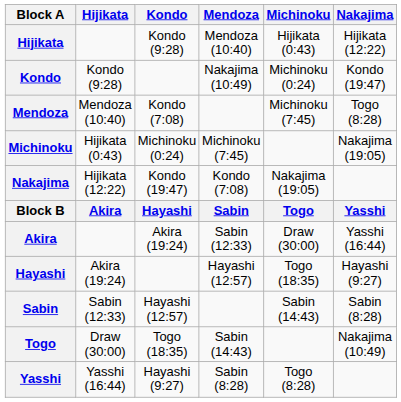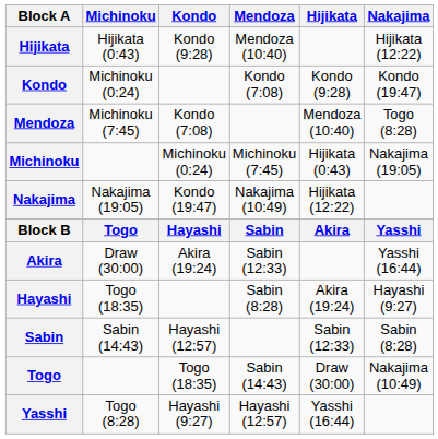 <table class="wikitable" style="margin: 1em auto 1em auto;text-align:center">
 <tr>
 <th>Block A</th>
-<th><a href='#'>Hijikata</a></th>
+<th><a href='#'>Michinoku</a></th>
 <th><a href='#'>Kondo</a></th>
 <th><a href='#'>Mendoza</a></th>
-<th><a href='#'>Michinoku</a></th>
+<th><a href='#'>Hijikata</a></th>
 <th><a href='#'>Nakajima</a></th>
 </tr>
 <tr>
 <th><a href='#'>Hijikata</a></th>
-<td></td>
+<td>Hijikata<br>(0:43)</td>
 <td>Kondo<br>(9:28)</td>
 <td>Mendoza<br>(10:40)</td>
-<td>Hijikata<br>(0:43)</td>
+<td></td>
 <td>Hijikata<br>(12:22)</td>
 </tr>
 <tr>
 <th><a href='#'>Kondo</a></th>
+<td>Michinoku<br>(0:24)</td>
+<td></td>
+<td>Kondo<br>(7:08)</td>
 <td>Kondo<br>(9:28)</td>
-<td></td>
-<td>Nakajima<br>(10:49)</td>
-<td>Michinoku<br>(0:24)</td>
 <td>Kondo<br>(19:47)</td>
 </tr>
 <tr>
 <th><a href='#'>Mendoza</a></th>
-<td>Mendoza<br>(10:40)</td>
+<td>Michinoku<br>(7:45)</td>
 <td>Kondo<br>(7:08)</td>
 <td></td>
-<td>Michinoku<br>(7:45)</td>
+<td>Mendoza<br>(10:40)</td>
 <td>Togo<br>(8:28)</td>
 </tr>
 <tr>
 <th><a href='#'>Michinoku</a></th>
-<td>Hijikata<br>(0:43)</td>
+<td></td>
 <td>Michinoku<br>(0:24)</td>
 <td>Michinoku<br>(7:45)</td>
-<td></td>
+<td>Hijikata<br>(0:43)</td>
 <td>Nakajima<br>(19:05)</td>
 </tr>
 <tr>
 <th><a href='#'>Nakajima</a></th>
+<td>Nakajima<br>(19:05)</td>
+<td>Kondo<br>(19:47)</td>
+<td>Nakajima<br>(10:49)</td>
 <td>Hijikata<br>(12:22)</td>
-<td>Kondo<br>(19:47)</td>
-<td>Kondo<br>(7:08)</td>
-<td>Nakajima<br>(19:05)</td>
 <td></td>
 </tr>
 <tr>
 <th>Block B</th>
-<th><a href='#'>Akira</a></th>
+<th><a href='#'>Togo</a></th>
 <th><a href='#'>Hayashi</a></th>
 <th><a href='#'>Sabin</a></th>
-<th><a href='#'>Togo</a></th>
+<th><a href='#'>Akira</a></th>
 <th><a href='#'>Yasshi</a></th>
 </tr>
 <tr>
 <th><a href='#'>Akira</a></th>
-<td></td>
+<td>Draw<br>(30:00)</td>
 <td>Akira<br>(19:24)</td>
 <td>Sabin<br>(12:33)</td>
-<td>Draw<br>(30:00)</td>
+<td></td>
 <td>Yasshi<br>(16:44)</td>
 </tr>
 <tr>
 <th><a href='#'>Hayashi</a></th>
+<td>Togo<br>(18:35)</td>
+<td></td>
+<td>Sabin<br>(8:28)</td>
 <td>Akira<br>(19:24)</td>
-<td></td>
-<td>Hayashi<br>(12:57)</td>
-<td>Togo<br>(18:35)</td>
 <td>Hayashi<br>(9:27)</td>
 </tr>
 <tr>
 <th><a href='#'>Sabin</a></th>
-<td>Sabin<br>(12:33)</td>
+<td>Sabin<br>(14:43)</td>
 <td>Hayashi<br>(12:57)</td>
 <td></td>
-<td>Sabin<br>(14:43)</td>
+<td>Sabin<br>(12:33)</td>
 <td>Sabin<br>(8:28)</td>
 </tr>
 <tr>
 <th><a href='#'>Togo</a></th>
-<td>Draw<br>(30:00)</td>
+<td></td>
 <td>Togo<br>(18:35)</td>
 <td>Sabin<br>(14:43)</td>
-<td></td>
+<td>Draw<br>(30:00)</td>
 <td>Nakajima<br>(10:49)</td>
 </tr>
 <tr>
 <th><a href='#'>Yasshi</a></th>
+<td>Togo<br>(8:28)</td>
+<td>Hayashi<br>(9:27)</td>
+<td>Hayashi<br>(12:57)</td>
 <td>Yasshi<br>(16:44)</td>
-<td>Hayashi<br>(9:27)</td>
-<td>Sabin<br>(8:28)</td>
-<td>Togo<br>(8:28)</td>
 <td></td>
 </tr>
 </table>
